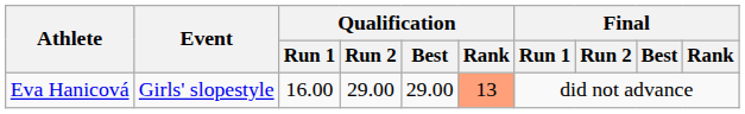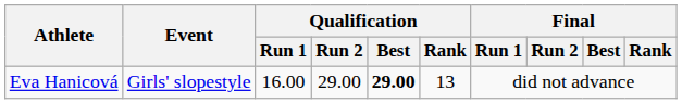 <table class="wikitable" style="font-size:90%">
 <tr>
 <th rowspan=2>Athlete</th>
 <th rowspan=2>Event</th>
 <th colspan=4>Qualification</th>
 <th colspan=5>Final</th>
 </tr>
 <tr style="font-size:95%">
 <th>Run 1</th>
 <th>Run 2</th>
 <th>Best</th>
 <th>Rank</th>
 <th>Run 1</th>
 <th>Run 2</th>
 <th>Best</th>
 <th>Rank</th>
 </tr>
 <tr align=center>
 <td align=left><a href='#'>Eva Hanicová</a></td>
 <td align=left rowspan=2><a href='#'>Girls' slopestyle</a></td>
 <td>16.00</td>
 <td>29.00</td>
-<td>29.00</td>
-<td style="background: lightsalmon;">13</td>
+<td><strong>29.00</strong></td>
+<td>13</td>
 <td colspan=5>did not advance</td>
 </tr>
 </table>
